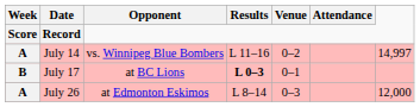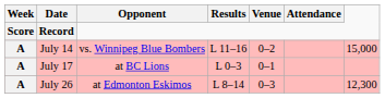 <table class="wikitable" style="text-align:center">
 <tr>
 <th>Week</th>
 <th>Date</th>
 <th>Opponent</th>
 <th>Results</th>
 <th>Venue</th>
 <th>Attendance</th>
 </tr>
 <tr>
 <th>Score</th>
 <th>Record</th>
 </tr>
 <tr style="background:#ffbbbb">
 <th>A</th>
 <td>July 14</td>
 <td>vs. <a href='#'>Winnipeg Blue Bombers</a></td>
 <td>L 11–16</td>
 <td>0–2</td>
 <td></td>
-<td>14,997</td>
+<td>15,000</td>
 </tr>
 <tr style="background:#ffbbbb">
-<th>B</th>
+<th>A</th>
 <td>July 17</td>
 <td>at <a href='#'>BC Lions</a></td>
-<td><strong>L 0–3</strong></td>
+<td>L 0–3</td>
 <td>0–1</td>
 <td></td>
 <td></td>
 </tr>
 <tr style="background:#ffbbbb">
 <th>A</th>
 <td>July 26</td>
 <td>at <a href='#'>Edmonton Eskimos</a></td>
 <td>L 8–14</td>
 <td>0–3</td>
 <td></td>
-<td>12,000</td>
+<td>12,300</td>
 </tr>
 </table>
